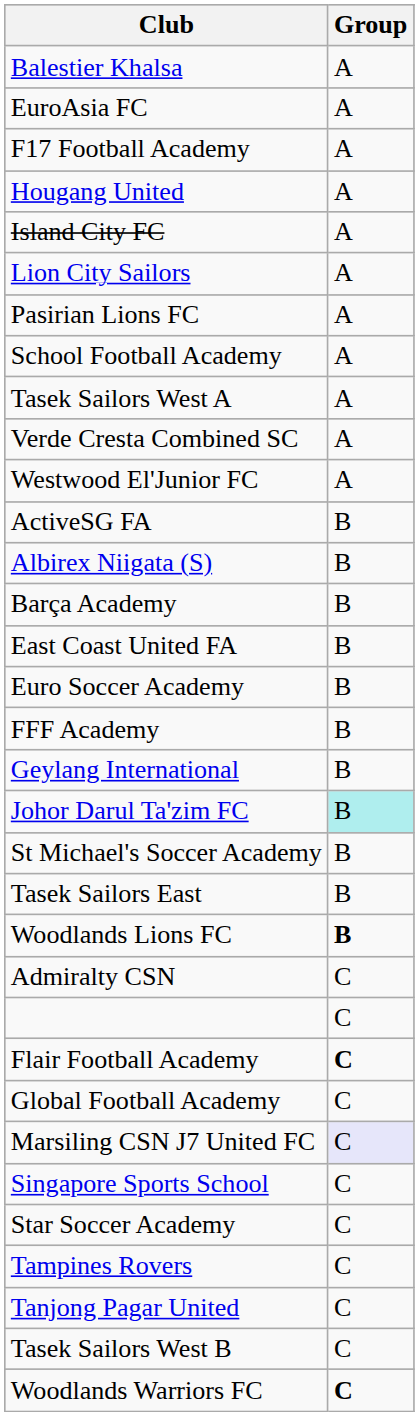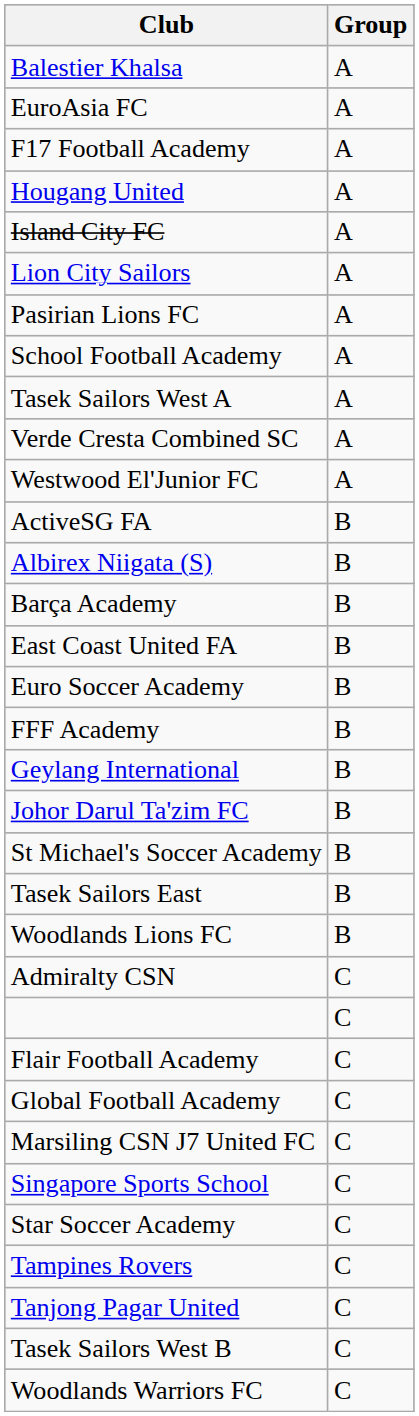 <table class="wikitable sortable">
 <tr>
 <th>Club</th>
 <th>Group</th>
 </tr>
 <tr>
 <td><a href='#'>Balestier Khalsa</a></td>
 <td>A</td>
 </tr>
 <tr>
 <td>EuroAsia FC</td>
 <td>A</td>
 </tr>
 <tr>
 <td>F17 Football Academy</td>
 <td>A</td>
 </tr>
 <tr>
 <td><a href='#'>Hougang United</a></td>
 <td>A</td>
 </tr>
 <tr>
 <td><s>Island City FC</s></td>
 <td>A</td>
 </tr>
 <tr>
 <td><a href='#'>Lion City Sailors</a></td>
 <td>A</td>
 </tr>
 <tr>
 <td>Pasirian Lions FC</td>
 <td>A</td>
 </tr>
 <tr>
 <td>School Football Academy</td>
 <td>A</td>
 </tr>
 <tr>
 <td>Tasek Sailors West A</td>
 <td>A</td>
 </tr>
 <tr>
 <td>Verde Cresta Combined SC</td>
 <td>A</td>
 </tr>
 <tr>
 <td>Westwood El'Junior FC</td>
 <td>A</td>
 </tr>
 <tr>
 <td>ActiveSG FA</td>
 <td>B</td>
 </tr>
 <tr>
 <td><a href='#'>Albirex Niigata (S)</a></td>
 <td>B</td>
 </tr>
 <tr>
 <td>Barça Academy</td>
 <td>B</td>
 </tr>
 <tr>
 <td>East Coast United FA</td>
 <td>B</td>
 </tr>
 <tr>
 <td>Euro Soccer Academy</td>
 <td>B</td>
 </tr>
 <tr>
 <td>FFF Academy</td>
 <td>B</td>
 </tr>
 <tr>
 <td><a href='#'>Geylang International</a></td>
 <td>B</td>
 </tr>
 <tr>
 <td> <a href='#'>Johor Darul Ta'zim FC</a></td>
-<td style="background: paleturquoise;">B</td>
+<td>B</td>
 </tr>
 <tr>
 <td>St Michael's Soccer Academy</td>
 <td>B</td>
 </tr>
 <tr>
 <td>Tasek Sailors East</td>
 <td>B</td>
 </tr>
 <tr>
 <td>Woodlands Lions FC</td>
-<td><strong>B</strong></td>
+<td>B</td>
 </tr>
 <tr>
 <td>Admiralty CSN</td>
 <td>C</td>
 </tr>
 <tr>
 <td></td>
 <td>C</td>
 </tr>
 <tr>
 <td>Flair Football Academy</td>
-<td><strong>C</strong></td>
+<td>C</td>
 </tr>
 <tr>
 <td>Global Football Academy</td>
 <td>C</td>
 </tr>
 <tr>
 <td>Marsiling CSN J7 United FC</td>
-<td style="background: lavender;">C</td>
+<td>C</td>
 </tr>
 <tr>
 <td><a href='#'>Singapore Sports School</a></td>
 <td>C</td>
 </tr>
 <tr>
 <td>Star Soccer Academy</td>
 <td>C</td>
 </tr>
 <tr>
 <td><a href='#'>Tampines Rovers</a></td>
 <td>C</td>
 </tr>
 <tr>
 <td><a href='#'>Tanjong Pagar United</a></td>
 <td>C</td>
 </tr>
 <tr>
 <td>Tasek Sailors West B</td>
 <td>C</td>
 </tr>
 <tr>
 <td>Woodlands Warriors FC</td>
-<td><strong>C</strong></td>
+<td>C</td>
 </tr>
 </table>
